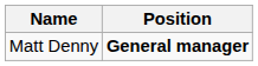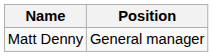 <table class="wikitable">
 <tr>
 <th>Name</th>
 <th>Position</th>
 </tr>
 <tr>
 <td> Matt Denny</td>
-<td><strong>General manager</strong></td>
+<td>General manager</td>
 </tr>
 </table>
